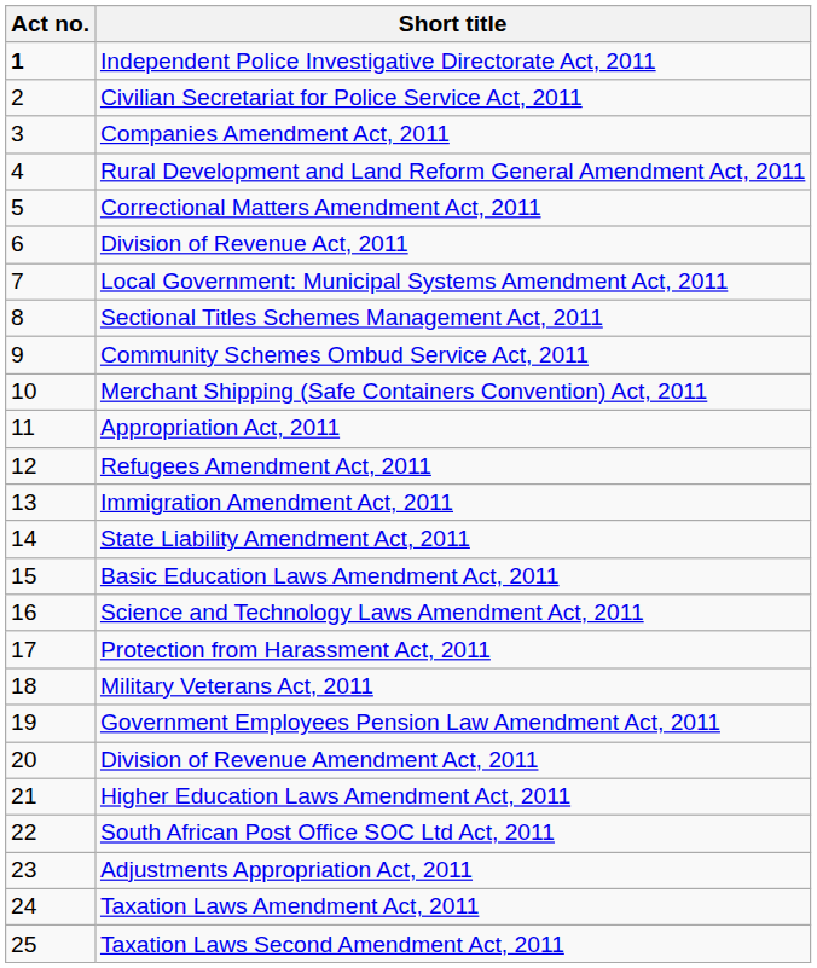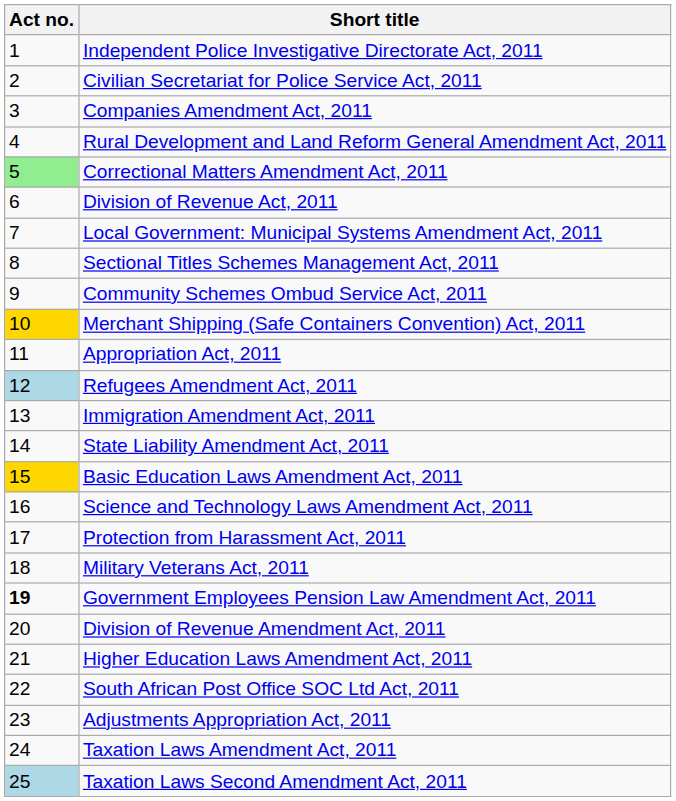 <table class="wikitable sortable">
 <tr>
 <th>Act no.</th>
 <th>Short title</th>
 </tr>
 <tr>
-<td><strong>1</strong></td>
+<td>1</td>
 <td><a href='#'>Independent Police Investigative Directorate Act, 2011</a></td>
 </tr>
 <tr>
 <td>2</td>
 <td><a href='#'>Civilian Secretariat for Police Service Act, 2011</a></td>
 </tr>
 <tr>
 <td>3</td>
 <td><a href='#'>Companies Amendment Act, 2011</a></td>
 </tr>
 <tr>
 <td>4</td>
 <td><a href='#'>Rural Development and Land Reform General Amendment Act, 2011</a></td>
 </tr>
 <tr>
-<td>5</td>
+<td style="background: lightgreen;">5</td>
 <td><a href='#'>Correctional Matters Amendment Act, 2011</a></td>
 </tr>
 <tr>
 <td>6</td>
 <td><a href='#'>Division of Revenue Act, 2011</a></td>
 </tr>
 <tr>
 <td>7</td>
 <td><a href='#'>Local Government: Municipal Systems Amendment Act, 2011</a></td>
 </tr>
 <tr>
 <td>8</td>
 <td><a href='#'>Sectional Titles Schemes Management Act, 2011</a></td>
 </tr>
 <tr>
 <td>9</td>
 <td><a href='#'>Community Schemes Ombud Service Act, 2011</a></td>
 </tr>
 <tr>
-<td>10</td>
+<td style="background: gold;">10</td>
 <td><a href='#'>Merchant Shipping (Safe Containers Convention) Act, 2011</a></td>
 </tr>
 <tr>
 <td>11</td>
 <td><a href='#'>Appropriation Act, 2011</a></td>
 </tr>
 <tr>
-<td>12</td>
+<td style="background: lightblue;">12</td>
 <td><a href='#'>Refugees Amendment Act, 2011</a></td>
 </tr>
 <tr>
 <td>13</td>
 <td><a href='#'>Immigration Amendment Act, 2011</a></td>
 </tr>
 <tr>
 <td>14</td>
 <td><a href='#'>State Liability Amendment Act, 2011</a></td>
 </tr>
 <tr>
-<td>15</td>
+<td style="background: gold;">15</td>
 <td><a href='#'>Basic Education Laws Amendment Act, 2011</a></td>
 </tr>
 <tr>
 <td>16</td>
 <td><a href='#'>Science and Technology Laws Amendment Act, 2011</a></td>
 </tr>
 <tr>
 <td>17</td>
 <td><a href='#'>Protection from Harassment Act, 2011</a></td>
 </tr>
 <tr>
 <td>18</td>
 <td><a href='#'>Military Veterans Act, 2011</a></td>
 </tr>
 <tr>
-<td>19</td>
+<td><strong>19</strong></td>
 <td><a href='#'>Government Employees Pension Law Amendment Act, 2011</a></td>
 </tr>
 <tr>
 <td>20</td>
 <td><a href='#'>Division of Revenue Amendment Act, 2011</a></td>
 </tr>
 <tr>
 <td>21</td>
 <td><a href='#'>Higher Education Laws Amendment Act, 2011</a></td>
 </tr>
 <tr>
 <td>22</td>
 <td><a href='#'>South African Post Office SOC Ltd Act, 2011</a></td>
 </tr>
 <tr>
 <td>23</td>
 <td><a href='#'>Adjustments Appropriation Act, 2011</a></td>
 </tr>
 <tr>
 <td>24</td>
 <td><a href='#'>Taxation Laws Amendment Act, 2011</a></td>
 </tr>
 <tr>
-<td>25</td>
+<td style="background: lightblue;">25</td>
 <td><a href='#'>Taxation Laws Second Amendment Act, 2011</a></td>
 </tr>
 </table>
